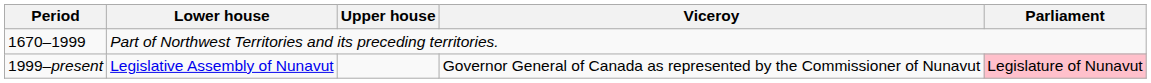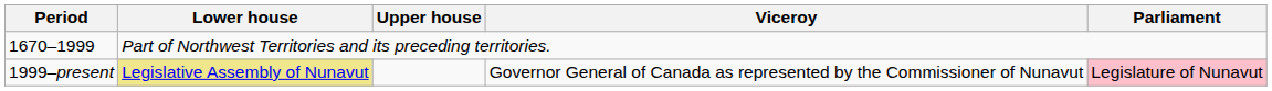 <table class="wikitable">
 <tr>
 <th>Period</th>
 <th>Lower house</th>
 <th>Upper house</th>
 <th>Viceroy</th>
 <th>Parliament</th>
 </tr>
 <tr>
 <td>1670–1999</td>
 <td colspan="4"><em>Part of Northwest Territories and its preceding territories.</em></td>
 </tr>
 <tr>
 <td>1999–<em>present</em></td>
-<td><a href='#'>Legislative Assembly of Nunavut</a></td>
+<td style="background: khaki;"><a href='#'>Legislative Assembly of Nunavut</a></td>
 <td></td>
 <td>Governor General of Canada as represented by the Commissioner of Nunavut</td>
 <td style="background: pink;">Legislature of Nunavut</td>
 </tr>
 </table>
